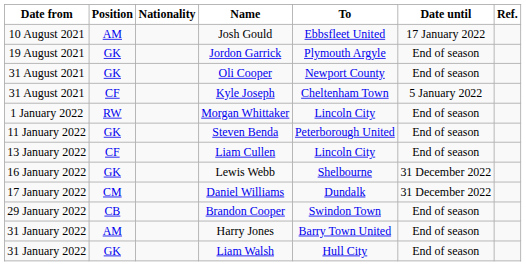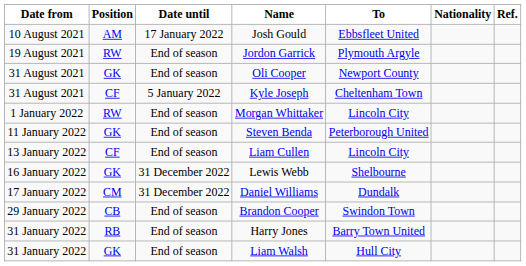 <table class="wikitable"  style="text-align:center; font-size:90%; ">
 <tr>
 <th style="background: white; color:black; ">Date from</th>
 <th style="background: white; color:black; ">Position</th>
-<th style="background: white; color:black; ">Nationality</th>
+<th style="background: white; color:black; ">Date until</th>
 <th style="background: white; color:black; ">Name</th>
 <th style="background: white; color:black; ">To</th>
-<th style="background: white; color:black; ">Date until</th>
+<th style="background: white; color:black; ">Nationality</th>
 <th style="background: white; color:black; ">Ref.</th>
 </tr>
 <tr>
 <td>10 August 2021</td>
 <td><a href='#'>AM</a></td>
-<td></td>
+<td>17 January 2022</td>
 <td>Josh Gould</td>
 <td> <a href='#'>Ebbsfleet United</a></td>
-<td>17 January 2022</td>
+<td></td>
 <td></td>
 </tr>
 <tr>
 <td>19 August 2021</td>
-<td><a href='#'>GK</a></td>
-<td></td>
+<td><a href='#'>RW</a></td>
+<td>End of season</td>
 <td><a href='#'>Jordon Garrick</a></td>
 <td> <a href='#'>Plymouth Argyle</a></td>
-<td>End of season</td>
+<td></td>
 <td></td>
 </tr>
 <tr>
 <td>31 August 2021</td>
 <td><a href='#'>GK</a></td>
-<td></td>
+<td>End of season</td>
 <td><a href='#'>Oli Cooper</a></td>
 <td> <a href='#'>Newport County</a></td>
-<td>End of season</td>
+<td></td>
 <td></td>
 </tr>
 <tr>
 <td>31 August 2021</td>
 <td><a href='#'>CF</a></td>
-<td></td>
+<td>5 January 2022</td>
 <td><a href='#'>Kyle Joseph</a></td>
 <td> <a href='#'>Cheltenham Town</a></td>
-<td>5 January 2022</td>
+<td></td>
 <td></td>
 </tr>
 <tr>
 <td>1 January 2022</td>
 <td><a href='#'>RW</a></td>
-<td></td>
+<td>End of season</td>
 <td><a href='#'>Morgan Whittaker</a></td>
 <td> <a href='#'>Lincoln City</a></td>
-<td>End of season</td>
+<td></td>
 <td></td>
 </tr>
 <tr>
 <td>11 January 2022</td>
 <td><a href='#'>GK</a></td>
-<td></td>
+<td>End of season</td>
 <td><a href='#'>Steven Benda</a></td>
 <td> <a href='#'>Peterborough United</a></td>
-<td>End of season</td>
+<td></td>
 <td></td>
 </tr>
 <tr>
 <td>13 January 2022</td>
 <td><a href='#'>CF</a></td>
-<td></td>
+<td>End of season</td>
 <td><a href='#'>Liam Cullen</a></td>
 <td> <a href='#'>Lincoln City</a></td>
-<td>End of season</td>
+<td></td>
 <td></td>
 </tr>
 <tr>
 <td>16 January 2022</td>
 <td><a href='#'>GK</a></td>
-<td></td>
+<td>31 December 2022</td>
 <td>Lewis Webb</td>
 <td> <a href='#'>Shelbourne</a></td>
-<td>31 December 2022</td>
+<td></td>
 <td></td>
 </tr>
 <tr>
 <td>17 January 2022</td>
 <td><a href='#'>CM</a></td>
-<td></td>
+<td>31 December 2022</td>
 <td><a href='#'>Daniel Williams</a></td>
 <td> <a href='#'>Dundalk</a></td>
-<td>31 December 2022</td>
+<td></td>
 <td></td>
 </tr>
 <tr>
 <td>29 January 2022</td>
 <td><a href='#'>CB</a></td>
-<td></td>
+<td>End of season</td>
 <td><a href='#'>Brandon Cooper</a></td>
 <td> <a href='#'>Swindon Town</a></td>
-<td>End of season</td>
+<td></td>
 <td></td>
 </tr>
 <tr>
 <td>31 January 2022</td>
-<td><a href='#'>AM</a></td>
-<td></td>
+<td><a href='#'>RB</a></td>
+<td>End of season</td>
 <td>Harry Jones</td>
 <td> <a href='#'>Barry Town United</a></td>
-<td>End of season</td>
+<td></td>
 <td></td>
 </tr>
 <tr>
 <td>31 January 2022</td>
 <td><a href='#'>GK</a></td>
-<td></td>
+<td>End of season</td>
 <td><a href='#'>Liam Walsh</a></td>
 <td> <a href='#'>Hull City</a></td>
-<td>End of season</td>
+<td></td>
 <td></td>
 </tr>
 </table>
